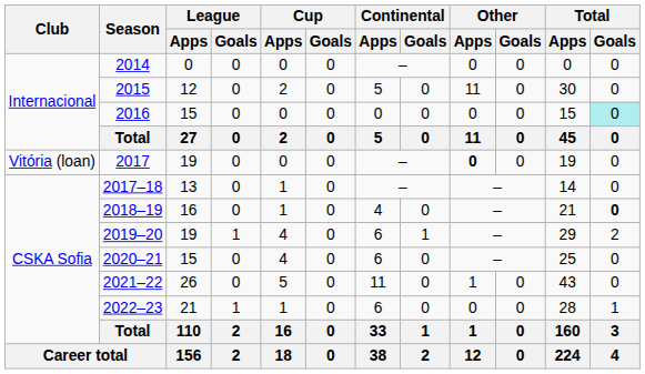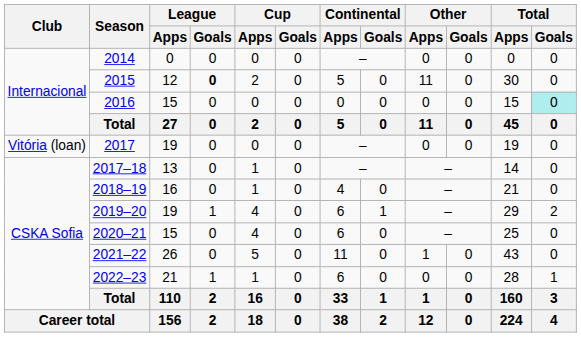 <table class="wikitable" style="text-align:center">
 <tr>
 <th rowspan="2">Club</th>
 <th rowspan="2">Season</th>
 <th colspan="2">League</th>
 <th colspan="2">Cup</th>
 <th colspan="2">Continental</th>
 <th colspan="2">Other</th>
 <th colspan="2">Total</th>
 </tr>
 <tr>
 <th>Apps</th>
 <th>Goals</th>
 <th>Apps</th>
 <th>Goals</th>
 <th>Apps</th>
 <th>Goals</th>
 <th>Apps</th>
 <th>Goals</th>
 <th>Apps</th>
 <th>Goals</th>
 </tr>
 <tr>
 <td rowspan="4"><a href='#'>Internacional</a></td>
 <td><a href='#'>2014</a></td>
 <td>0</td>
 <td>0</td>
 <td>0</td>
 <td>0</td>
 <td colspan="2">–</td>
 <td>0</td>
 <td>0</td>
 <td>0</td>
 <td>0</td>
 </tr>
 <tr>
 <td><a href='#'>2015</a></td>
 <td>12</td>
-<td>0</td>
+<td><strong>0</strong></td>
 <td>2</td>
 <td>0</td>
 <td>5</td>
 <td>0</td>
 <td>11</td>
 <td>0</td>
 <td>30</td>
 <td>0</td>
 </tr>
 <tr>
 <td><a href='#'>2016</a></td>
 <td>15</td>
 <td>0</td>
 <td>0</td>
 <td>0</td>
 <td>0</td>
 <td>0</td>
 <td>0</td>
 <td>0</td>
 <td>15</td>
 <td style="background: paleturquoise;">0</td>
 </tr>
 <tr>
 <th>Total</th>
 <th>27</th>
 <th>0</th>
 <th>2</th>
 <th>0</th>
 <th>5</th>
 <th>0</th>
 <th>11</th>
 <th>0</th>
 <th>45</th>
 <th>0</th>
 </tr>
 <tr>
 <td><a href='#'>Vitória</a> (loan)</td>
 <td><a href='#'>2017</a></td>
 <td>19</td>
 <td>0</td>
 <td>0</td>
 <td>0</td>
 <td colspan="2">–</td>
-<td><strong>0</strong></td>
+<td>0</td>
 <td>0</td>
 <td>19</td>
 <td>0</td>
 </tr>
 <tr>
 <td rowspan="7"><a href='#'>CSKA Sofia</a></td>
 <td><a href='#'>2017–18</a></td>
 <td>13</td>
 <td>0</td>
 <td>1</td>
 <td>0</td>
 <td colspan="2">–</td>
 <td colspan="2">–</td>
 <td>14</td>
 <td>0</td>
 </tr>
 <tr>
 <td><a href='#'>2018–19</a></td>
 <td>16</td>
 <td>0</td>
 <td>1</td>
 <td>0</td>
 <td>4</td>
 <td>0</td>
 <td colspan="2">–</td>
 <td>21</td>
-<td><strong>0</strong></td>
+<td>0</td>
 </tr>
 <tr>
 <td><a href='#'>2019–20</a></td>
 <td>19</td>
 <td>1</td>
 <td>4</td>
 <td>0</td>
 <td>6</td>
 <td>1</td>
 <td colspan="2">–</td>
 <td>29</td>
 <td>2</td>
 </tr>
 <tr>
 <td><a href='#'>2020–21</a></td>
 <td>15</td>
 <td>0</td>
 <td>4</td>
 <td>0</td>
 <td>6</td>
 <td>0</td>
 <td colspan="2">–</td>
 <td>25</td>
 <td>0</td>
 </tr>
 <tr>
 <td><a href='#'>2021–22</a></td>
 <td>26</td>
 <td>0</td>
 <td>5</td>
 <td>0</td>
 <td>11</td>
 <td>0</td>
 <td>1</td>
 <td>0</td>
 <td>43</td>
 <td>0</td>
 </tr>
 <tr>
 <td><a href='#'>2022–23</a></td>
 <td>21</td>
 <td>1</td>
 <td>1</td>
 <td>0</td>
 <td>6</td>
 <td>0</td>
 <td>0</td>
 <td>0</td>
 <td>28</td>
 <td>1</td>
 </tr>
 <tr>
 <th>Total</th>
 <th>110</th>
 <th>2</th>
 <th>16</th>
 <th>0</th>
 <th>33</th>
 <th>1</th>
 <th>1</th>
 <th>0</th>
 <th>160</th>
 <th>3</th>
 </tr>
 <tr>
 <th colspan="2">Career total</th>
 <th>156</th>
 <th>2</th>
 <th>18</th>
 <th>0</th>
 <th>38</th>
 <th>2</th>
 <th>12</th>
 <th>0</th>
 <th>224</th>
 <th>4</th>
 </tr>
 </table>
